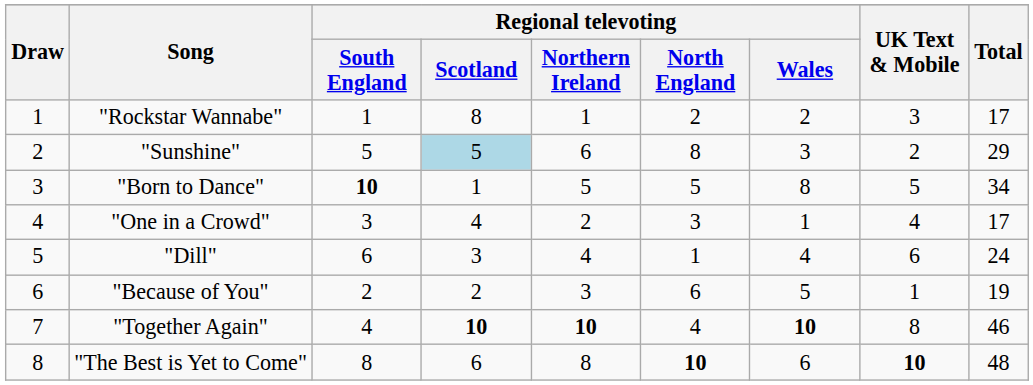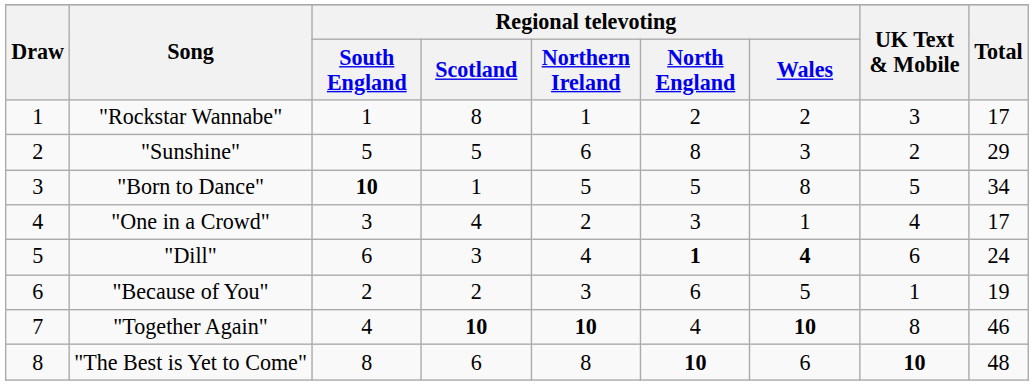 <table class="sortable wikitable" style="margin: 1em auto 1em auto; text-align:center;">
 <tr>
 </tr>
 <tr>
 <th scope="col" rowspan="2">Draw</th>
 <th scope="col" rowspan="2">Song</th>
 <th scope="colgroup" colspan="5">Regional televoting</th>
 <th scope="col" rowspan="2" style="width: 4.5em;">UK Text & Mobile</th>
 <th scope="col" rowspan="2">Total</th>
 </tr>
 <tr>
 <th scope="col" style="width: 4.5em;"><a href='#'>South England</a></th>
 <th scope="col" style="width: 4.5em;"><a href='#'>Scotland</a></th>
 <th scope="col" style="width: 4.5em;"><a href='#'>Northern Ireland</a></th>
 <th scope="col" style="width: 4.5em;"><a href='#'>North England</a></th>
 <th scope="col" style="width: 4.5em;"><a href='#'>Wales</a></th>
 </tr>
 <tr>
 <td>1</td>
 <td>"Rockstar Wannabe"</td>
 <td>1</td>
 <td>8</td>
 <td>1</td>
 <td>2</td>
 <td>2</td>
 <td>3</td>
 <td>17</td>
 </tr>
 <tr>
 <td>2</td>
 <td>"Sunshine"</td>
 <td>5</td>
-<td style="background: lightblue;">5</td>
+<td>5</td>
 <td>6</td>
 <td>8</td>
 <td>3</td>
 <td>2</td>
 <td>29</td>
 </tr>
 <tr>
 <td>3</td>
 <td>"Born to Dance"</td>
 <td><strong>10</strong></td>
 <td>1</td>
 <td>5</td>
 <td>5</td>
 <td>8</td>
 <td>5</td>
 <td>34</td>
 </tr>
 <tr>
 <td>4</td>
 <td>"One in a Crowd"</td>
 <td>3</td>
 <td>4</td>
 <td>2</td>
 <td>3</td>
 <td>1</td>
 <td>4</td>
 <td>17</td>
 </tr>
 <tr>
 <td>5</td>
 <td>"Dill"</td>
 <td>6</td>
 <td>3</td>
 <td>4</td>
-<td>1</td>
-<td>4</td>
+<td><strong>1</strong></td>
+<td><strong>4</strong></td>
 <td>6</td>
 <td>24</td>
 </tr>
 <tr>
 <td>6</td>
 <td>"Because of You"</td>
 <td>2</td>
 <td>2</td>
 <td>3</td>
 <td>6</td>
 <td>5</td>
 <td>1</td>
 <td>19</td>
 </tr>
 <tr>
 <td>7</td>
 <td>"Together Again"</td>
 <td>4</td>
 <td><strong>10</strong></td>
 <td><strong>10</strong></td>
 <td>4</td>
 <td><strong>10</strong></td>
 <td>8</td>
 <td>46</td>
 </tr>
 <tr>
 <td>8</td>
 <td>"The Best is Yet to Come"</td>
 <td>8</td>
 <td>6</td>
 <td>8</td>
 <td><strong>10</strong></td>
 <td>6</td>
 <td><strong>10</strong></td>
 <td>48</td>
 </tr>
 </table>
